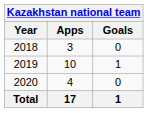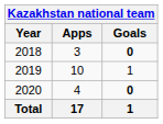 <table class="wikitable" style="text-align:center">
 <tr>
 <th colspan=3><a href='#'>Kazakhstan national team</a></th>
 </tr>
 <tr>
 <th>Year</th>
 <th>Apps</th>
 <th>Goals</th>
 </tr>
 <tr>
 <td>2018</td>
 <td>3</td>
-<td>0</td>
+<td><strong>0</strong></td>
 </tr>
 <tr>
 <td>2019</td>
 <td>10</td>
 <td>1</td>
 </tr>
 <tr>
 <td>2020</td>
 <td>4</td>
-<td>0</td>
+<td><strong>0</strong></td>
 </tr>
 <tr>
 <th>Total</th>
 <th>17</th>
 <th>1</th>
 </tr>
 </table>
